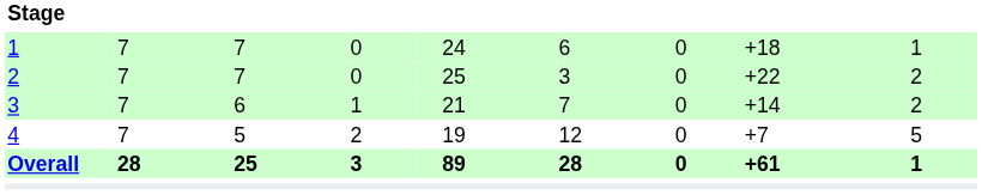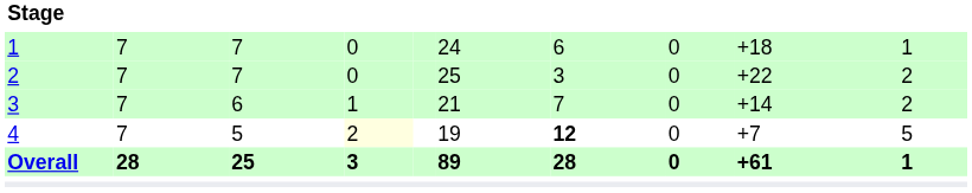 <table class="toccolours" border=0 cellpadding="2" cellspacing="0" style="font-size:95%; text-align:left; width:700px;">
 <tr align="left" style="background:#">
 <th style="width:75px">Stage</th>
 <th></th>
 <th></th>
 <th></th>
 <th></th>
 <th></th>
 <th></th>
 <th></th>
 <th></th>
 <th></th>
 </tr>
 <tr>
 <td colspan = "10"></td>
 </tr>
 <tr>
 </tr>
 <tr style="background:#cfc;">
 <td><a href='#'>1</a></td>
 <td>7</td>
 <td>7</td>
 <td>0</td>
 <td></td>
 <td>24</td>
 <td>6</td>
 <td>0</td>
 <td>+18</td>
 <td>1</td>
 </tr>
 <tr style="background:#cfc">
 <td><a href='#'>2</a></td>
 <td>7</td>
 <td>7</td>
 <td>0</td>
 <td></td>
 <td>25</td>
 <td>3</td>
 <td>0</td>
 <td>+22</td>
 <td>2</td>
 </tr>
 <tr style="background:#cfc">
 <td><a href='#'>3</a></td>
 <td>7</td>
 <td>6</td>
 <td>1</td>
 <td></td>
 <td>21</td>
 <td>7</td>
 <td>0</td>
 <td>+14</td>
 <td>2</td>
 </tr>
 <tr>
 <td><a href='#'>4</a></td>
 <td>7</td>
 <td>5</td>
-<td>2</td>
+<td style="background: lightyellow;">2</td>
 <td></td>
 <td>19</td>
-<td>12</td>
+<td><strong>12</strong></td>
 <td>0</td>
 <td>+7</td>
 <td>5</td>
 </tr>
 <tr style="background-color:#cfc;">
 <th><a href='#'>Overall</a></th>
 <th>28</th>
 <th>25</th>
 <th>3</th>
 <th></th>
 <th>89</th>
 <th>28</th>
 <th>0</th>
 <th>+61</th>
 <th>1</th>
 </tr>
 <tr>
 <td colspan="10"></td>
 </tr>
 <tr align="left" style="background:#EAECF0; color:#000;">
 <td colspan="10" style="text-align:center;"> </td>
 </tr>
 </table>
